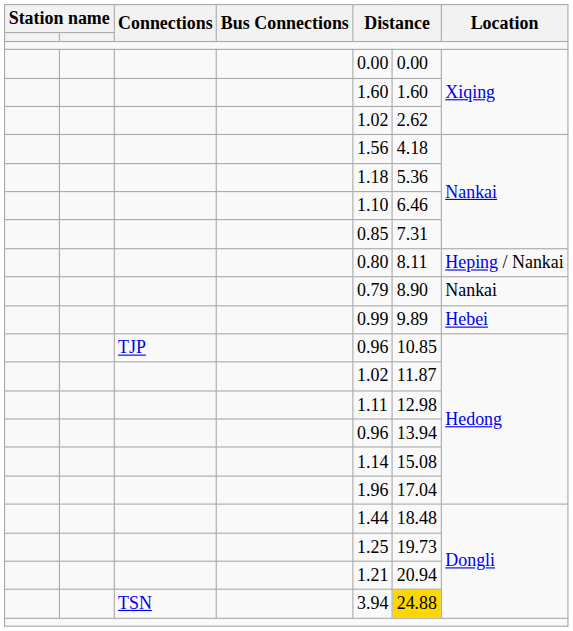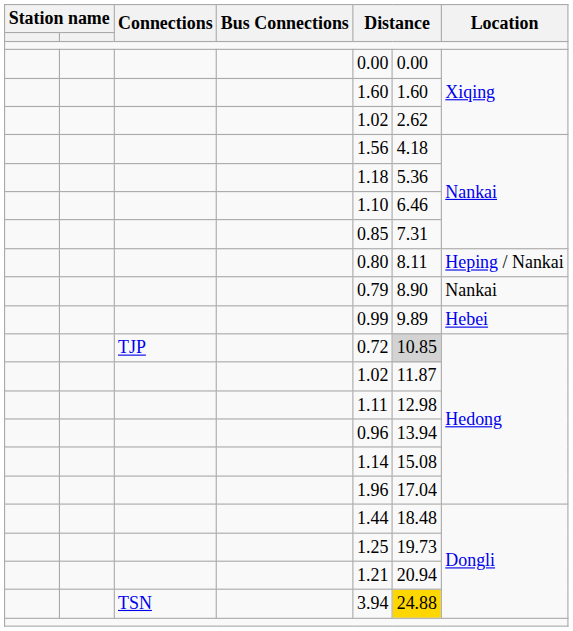 <table class="wikitable">
 <tr>
 <th colspan="2">Station name</th>
 <th rowspan="2">Connections</th>
 <th rowspan="2">Bus Connections</th>
 <th colspan="2" rowspan="2">Distance<br></th>
 <th rowspan="2">Location</th>
 </tr>
 <tr>
 <th></th>
 <th></th>
 </tr>
 <tr style="background:#">
 <td colspan = "7"></td>
 </tr>
 <tr>
 <td></td>
 <td></td>
 <td></td>
 <td></td>
 <td>0.00</td>
 <td>0.00</td>
 <td rowspan="3"><a href='#'>Xiqing</a></td>
 </tr>
 <tr>
 <td></td>
 <td></td>
 <td></td>
 <td></td>
 <td>1.60</td>
 <td>1.60</td>
 </tr>
 <tr>
 <td></td>
 <td></td>
 <td></td>
 <td></td>
 <td>1.02</td>
 <td>2.62</td>
 </tr>
 <tr>
 <td></td>
 <td></td>
 <td></td>
 <td></td>
 <td>1.56</td>
 <td>4.18</td>
 <td rowspan="4"><a href='#'>Nankai</a></td>
 </tr>
 <tr>
 <td></td>
 <td></td>
 <td></td>
 <td></td>
 <td>1.18</td>
 <td>5.36</td>
 </tr>
 <tr>
 <td></td>
 <td></td>
 <td></td>
 <td></td>
 <td>1.10</td>
 <td>6.46</td>
 </tr>
 <tr>
 <td></td>
 <td></td>
 <td></td>
 <td></td>
 <td>0.85</td>
 <td>7.31</td>
 </tr>
 <tr>
 <td></td>
 <td></td>
 <td></td>
 <td></td>
 <td>0.80</td>
 <td>8.11</td>
 <td><a href='#'>Heping</a> / Nankai</td>
 </tr>
 <tr>
 <td></td>
 <td></td>
 <td></td>
 <td></td>
 <td>0.79</td>
 <td>8.90</td>
 <td>Nankai</td>
 </tr>
 <tr>
 <td></td>
 <td></td>
 <td></td>
 <td></td>
 <td>0.99</td>
 <td>9.89</td>
 <td rowspan=1><a href='#'>Hebei</a></td>
 </tr>
 <tr>
 <td></td>
 <td></td>
 <td>   <a href='#'>TJP</a></td>
 <td></td>
-<td>0.96</td>
-<td>10.85</td>
+<td>0.72</td>
+<td style="background: lightgrey;">10.85</td>
 <td rowspan="6"><a href='#'>Hedong</a></td>
 </tr>
 <tr>
 <td></td>
 <td></td>
 <td></td>
 <td></td>
 <td>1.02</td>
 <td>11.87</td>
 </tr>
 <tr>
 <td></td>
 <td></td>
 <td></td>
 <td></td>
 <td>1.11</td>
 <td>12.98</td>
 </tr>
 <tr>
 <td></td>
 <td></td>
 <td></td>
 <td></td>
 <td>0.96</td>
 <td>13.94</td>
 </tr>
 <tr>
 <td></td>
 <td></td>
 <td></td>
 <td></td>
 <td>1.14</td>
 <td>15.08</td>
 </tr>
 <tr>
 <td></td>
 <td></td>
 <td></td>
 <td></td>
 <td>1.96</td>
 <td>17.04</td>
 </tr>
 <tr>
 <td></td>
 <td></td>
 <td></td>
 <td></td>
 <td>1.44</td>
 <td>18.48</td>
 <td rowspan="4"><a href='#'>Dongli</a></td>
 </tr>
 <tr>
 <td></td>
 <td></td>
 <td></td>
 <td></td>
 <td>1.25</td>
 <td>19.73</td>
 </tr>
 <tr>
 <td></td>
 <td></td>
 <td></td>
 <td></td>
 <td>1.21</td>
 <td>20.94</td>
 </tr>
 <tr>
 <td></td>
 <td></td>
 <td> <a href='#'>TSN</a></td>
 <td></td>
 <td>3.94</td>
 <td style="background: gold;">24.88</td>
 </tr>
 <tr style="background:#">
 <td colspan = "7"></td>
 </tr>
 </table>
